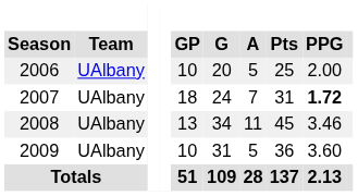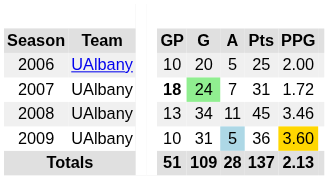 <table BORDER="0" CELLPADDING="3" CELLSPACING="0">
 <tr ALIGN="center" bgcolor="#e0e0e0">
 <th colspan="2" bgcolor="#ffffff"> </th>
 <th rowspan="99" bgcolor="#ffffff"> </th>
 <th rowspan="99" bgcolor="#ffffff"> </th>
 </tr>
 <tr ALIGN="center" bgcolor="#e0e0e0">
 <th>Season</th>
 <th>Team</th>
 <th>GP</th>
 <th>G</th>
 <th>A</th>
 <th>Pts</th>
 <th>PPG</th>
 <th></th>
 </tr>
 <tr ALIGN="center" bgcolor="#f0f0f0">
 <td>2006</td>
 <td><a href='#'>UAlbany</a></td>
 <td>10</td>
 <td>20</td>
 <td>5</td>
 <td>25</td>
 <td>2.00</td>
 <td></td>
 </tr>
 <tr ALIGN="center">
 <td>2007</td>
 <td>UAlbany</td>
-<td>18</td>
-<td>24</td>
+<td><strong>18</strong></td>
+<td style="background: lightgreen;">24</td>
 <td>7</td>
 <td>31</td>
-<td><strong>1.72</strong></td>
+<td>1.72</td>
 <td></td>
 </tr>
 <tr ALIGN="center" bgcolor="#f0f0f0">
 <td>2008</td>
 <td>UAlbany</td>
 <td>13</td>
 <td>34</td>
 <td>11</td>
 <td>45</td>
 <td>3.46</td>
 <td></td>
 </tr>
 <tr ALIGN="center">
 <td>2009</td>
 <td>UAlbany</td>
 <td>10</td>
 <td>31</td>
-<td>5</td>
+<td style="background: lightblue;">5</td>
 <td>36</td>
-<td>3.60</td>
+<td style="background: gold;">3.60</td>
 <td></td>
 </tr>
 <tr ALIGN="center" bgcolor="#e0e0e0">
 <th colspan="2">Totals</th>
 <th>51</th>
 <th>109</th>
 <th>28</th>
 <th>137</th>
 <th>2.13</th>
 <th></th>
 </tr>
 </table>
